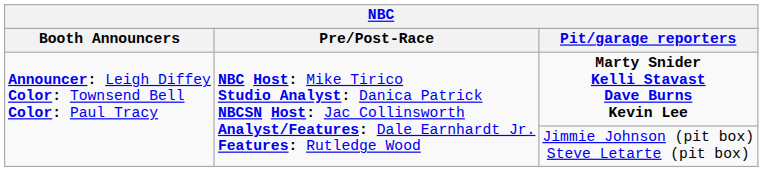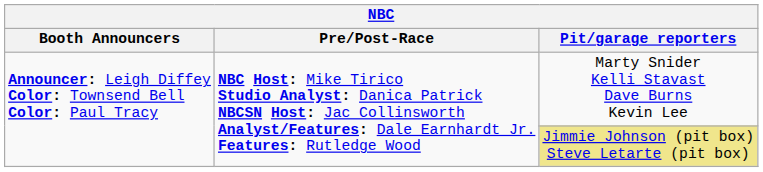 <table class="wikitable" style="font-size: 95%;">
 <tr>
 <th colspan=3><a href='#'>NBC</a></th>
 </tr>
 <tr>
 <th>Booth Announcers</th>
 <th>Pre/Post-Race</th>
 <th><a href='#'>Pit/garage reporters</a></th>
 </tr>
 <tr>
 <td valign="top" rowspan=2><br><strong><a href='#'>Announcer</a>:</strong> <a href='#'>Leigh Diffey</a><br> <strong><a href='#'>Color</a>:</strong> <a href='#'>Townsend Bell</a><br> <strong><a href='#'>Color</a>:</strong> <a href='#'>Paul Tracy</a><br></td>
 <td valign="top" rowspan=2><br><strong><a href='#'>NBC</a> <a href='#'>Host</a>:</strong> <a href='#'>Mike Tirico</a><br> <strong><a href='#'>Studio Analyst</a>:</strong> <a href='#'>Danica Patrick</a><br> <strong><a href='#'>NBCSN</a> <a href='#'>Host</a>:</strong> <a href='#'>Jac Collinsworth</a><br> <strong><a href='#'>Analyst/Features</a>:</strong> <a href='#'>Dale Earnhardt Jr.</a><br> <strong><a href='#'>Features</a>:</strong> <a href='#'>Rutledge Wood</a><br></td>
-<td align="center" valign="top"><strong>Marty Snider<br><a href='#'>Kelli Stavast</a><br><a href='#'>Dave Burns</a><br>Kevin Lee<br></strong></td>
+<td align="center" valign="top">Marty Snider<br><a href='#'>Kelli Stavast</a><br><a href='#'>Dave Burns</a><br>Kevin Lee<br></td>
 </tr>
 <tr>
-<td align="center" valign="top"><a href='#'>Jimmie Johnson</a> (pit box)<br><a href='#'>Steve Letarte</a> (pit box)</td>
+<td align="center" valign="top" style="background: khaki;"><a href='#'>Jimmie Johnson</a> (pit box)<br><a href='#'>Steve Letarte</a> (pit box)</td>
 </tr>
 </table>
